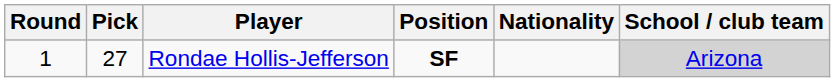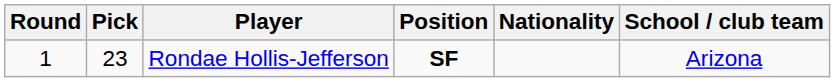 <table class="wikitable sortable sortable">
 <tr>
 <th>Round</th>
 <th>Pick</th>
 <th>Player</th>
 <th>Position</th>
 <th>Nationality</th>
 <th>School / club team</th>
 </tr>
 <tr style="text-align: center">
 <td>1</td>
-<td>27</td>
+<td>23</td>
 <td><a href='#'>Rondae Hollis-Jefferson</a></td>
 <td><strong>SF</strong></td>
 <td></td>
-<td style="background: lightgrey;"><a href='#'>Arizona</a></td>
+<td><a href='#'>Arizona</a></td>
 </tr>
 </table>
